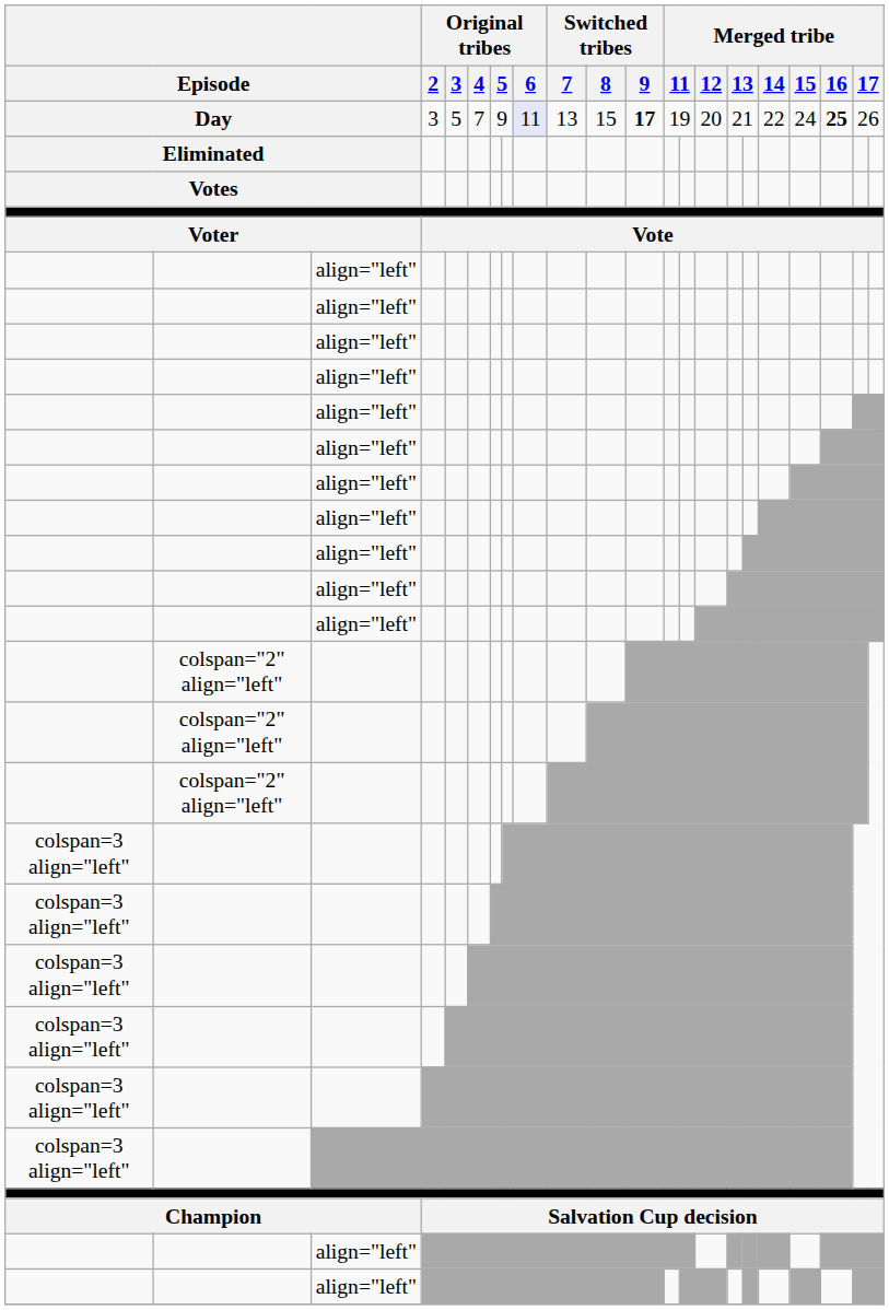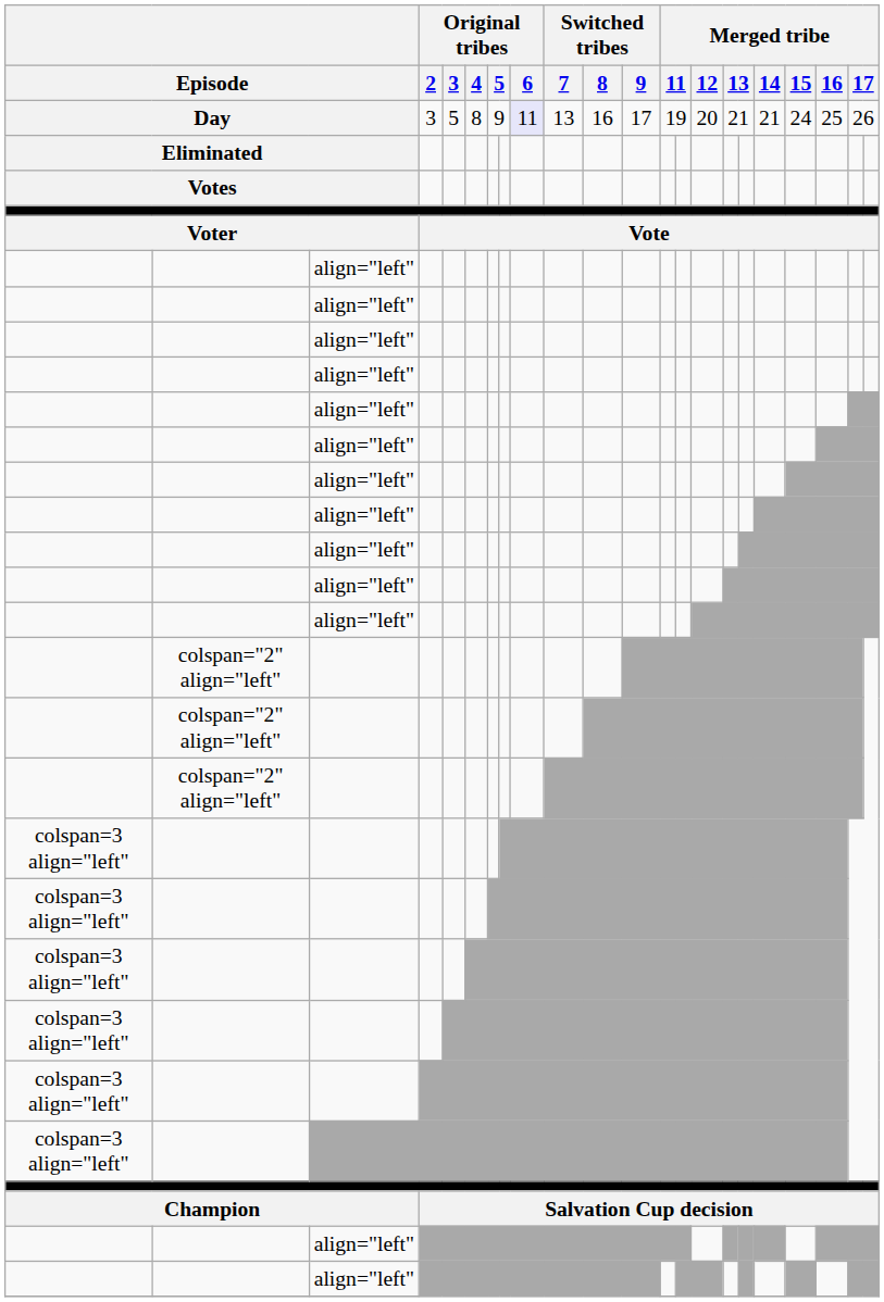 <table class="wikitable" style="text-align:center; font-size:95%; width:100%">
 <tr>
 <th colspan=3></th>
 <th colspan=6>Original tribes</th>
 <th colspan=3>Switched tribes</th>
 <th colspan=10>Merged tribe</th>
 </tr>
 <tr>
 <th colspan=3>Episode</th>
 <th><a href='#'>2</a></th>
 <th><a href='#'>3</a></th>
 <th><a href='#'>4</a></th>
 <th colspan="2"><a href='#'>5</a></th>
 <th><a href='#'>6</a></th>
 <th><a href='#'>7</a></th>
 <th><a href='#'>8</a></th>
 <th><a href='#'>9</a></th>
 <th colspan="2"><a href='#'>11</a></th>
 <th><a href='#'>12</a></th>
 <th colspan="2"><a href='#'>13</a></th>
 <th><a href='#'>14</a></th>
 <th><a href='#'>15</a></th>
 <th><a href='#'>16</a></th>
 <th colspan="2"><a href='#'>17</a></th>
 </tr>
 <tr>
 <th colspan=3>Day</th>
 <td>3</td>
 <td>5</td>
-<td>7</td>
+<td>8</td>
 <td colspan=2>9</td>
 <td style="background: lavender;">11</td>
 <td>13</td>
-<td>15</td>
-<td><strong>17</strong></td>
+<td>16</td>
+<td>17</td>
 <td colspan="2">19</td>
 <td>20</td>
 <td colspan="2">21</td>
-<td>22</td>
+<td>21</td>
 <td>24</td>
-<td><strong>25</strong></td>
+<td>25</td>
 <td colspan="2">26</td>
 </tr>
 <tr>
 <th colspan=3>Eliminated</th>
 <td></td>
 <td></td>
 <td></td>
 <td></td>
 <td></td>
 <td></td>
 <td></td>
 <td></td>
 <td></td>
 <td></td>
 <td></td>
 <td></td>
 <td></td>
 <td></td>
 <td></td>
 <td></td>
 <td></td>
 <td></td>
 <td></td>
 </tr>
 <tr>
 <th colspan=3>Votes</th>
 <td></td>
 <td></td>
 <td></td>
 <td></td>
 <td></td>
 <td></td>
 <td></td>
 <td></td>
 <td></td>
 <td></td>
 <td></td>
 <td></td>
 <td></td>
 <td></td>
 <td></td>
 <td></td>
 <td></td>
 <td></td>
 <td></td>
 </tr>
 <tr>
 <td colspan="22" bgcolor="black"></td>
 </tr>
 <tr>
 <th colspan=3>Voter</th>
 <th colspan='19' align="center">Vote</th>
 </tr>
 <tr>
 <td></td>
 <td></td>
 <td>align="left" </td>
 <td></td>
 <td></td>
 <td></td>
 <td></td>
 <td></td>
 <td></td>
 <td></td>
 <td></td>
 <td></td>
 <td></td>
 <td></td>
 <td></td>
 <td></td>
 <td></td>
 <td></td>
 <td></td>
 <td></td>
 <td></td>
 <td></td>
 </tr>
 <tr>
 <td></td>
 <td></td>
 <td>align="left" </td>
 <td></td>
 <td></td>
 <td></td>
 <td></td>
 <td></td>
 <td></td>
 <td></td>
 <td></td>
 <td></td>
 <td></td>
 <td></td>
 <td></td>
 <td></td>
 <td></td>
 <td></td>
 <td></td>
 <td></td>
 <td></td>
 <td></td>
 </tr>
 <tr>
 <td></td>
 <td></td>
 <td>align="left" </td>
 <td></td>
 <td></td>
 <td></td>
 <td></td>
 <td></td>
 <td></td>
 <td></td>
 <td></td>
 <td></td>
 <td></td>
 <td></td>
 <td></td>
 <td></td>
 <td></td>
 <td></td>
 <td></td>
 <td></td>
 <td></td>
 <td></td>
 </tr>
 <tr>
 <td></td>
 <td></td>
 <td>align="left" </td>
 <td></td>
 <td></td>
 <td></td>
 <td></td>
 <td></td>
 <td></td>
 <td></td>
 <td></td>
 <td></td>
 <td></td>
 <td></td>
 <td></td>
 <td></td>
 <td></td>
 <td></td>
 <td></td>
 <td></td>
 <td></td>
 <td></td>
 </tr>
 <tr>
 <td></td>
 <td></td>
 <td>align="left" </td>
 <td></td>
 <td></td>
 <td></td>
 <td></td>
 <td></td>
 <td></td>
 <td></td>
 <td></td>
 <td></td>
 <td></td>
 <td></td>
 <td></td>
 <td></td>
 <td></td>
 <td></td>
 <td></td>
 <td></td>
 <td colspan="2" bgcolor="darkgray"></td>
 </tr>
 <tr>
 <td></td>
 <td></td>
 <td>align="left" </td>
 <td></td>
 <td></td>
 <td></td>
 <td></td>
 <td></td>
 <td></td>
 <td></td>
 <td></td>
 <td></td>
 <td></td>
 <td></td>
 <td></td>
 <td></td>
 <td></td>
 <td></td>
 <td></td>
 <td colspan="3" bgcolor="darkgray"></td>
 </tr>
 <tr>
 <td></td>
 <td></td>
 <td>align="left" </td>
 <td></td>
 <td></td>
 <td></td>
 <td></td>
 <td></td>
 <td></td>
 <td></td>
 <td></td>
 <td></td>
 <td></td>
 <td></td>
 <td></td>
 <td></td>
 <td></td>
 <td></td>
 <td colspan="4" bgcolor="darkgray"></td>
 </tr>
 <tr>
 <td></td>
 <td></td>
 <td>align="left" </td>
 <td></td>
 <td></td>
 <td></td>
 <td></td>
 <td></td>
 <td></td>
 <td></td>
 <td></td>
 <td></td>
 <td></td>
 <td></td>
 <td></td>
 <td></td>
 <td></td>
 <td colspan="5" bgcolor="darkgray"></td>
 </tr>
 <tr>
 <td></td>
 <td></td>
 <td>align="left" </td>
 <td></td>
 <td></td>
 <td></td>
 <td></td>
 <td></td>
 <td></td>
 <td></td>
 <td></td>
 <td></td>
 <td></td>
 <td></td>
 <td></td>
 <td></td>
 <td colspan="6" bgcolor="darkgray"></td>
 </tr>
 <tr>
 <td></td>
 <td></td>
 <td>align="left" </td>
 <td></td>
 <td></td>
 <td></td>
 <td></td>
 <td></td>
 <td></td>
 <td></td>
 <td></td>
 <td></td>
 <td></td>
 <td></td>
 <td></td>
 <td colspan="7" bgcolor="darkgray"></td>
 </tr>
 <tr>
 <td></td>
 <td></td>
 <td>align="left" </td>
 <td></td>
 <td></td>
 <td></td>
 <td></td>
 <td></td>
 <td></td>
 <td></td>
 <td></td>
 <td></td>
 <td></td>
 <td></td>
 <td colspan="8" bgcolor="darkgray"></td>
 </tr>
 <tr>
 <td></td>
 <td>colspan="2" align="left" </td>
 <td></td>
 <td></td>
 <td></td>
 <td></td>
 <td></td>
 <td></td>
 <td></td>
 <td></td>
 <td></td>
 <td colspan="10" bgcolor="darkgray"></td>
 </tr>
 <tr>
 <td></td>
 <td>colspan="2" align="left" </td>
 <td></td>
 <td></td>
 <td></td>
 <td></td>
 <td></td>
 <td></td>
 <td></td>
 <td></td>
 <td colspan="11" bgcolor="darkgray"></td>
 </tr>
 <tr>
 <td></td>
 <td>colspan="2" align="left" </td>
 <td></td>
 <td></td>
 <td></td>
 <td></td>
 <td></td>
 <td></td>
 <td></td>
 <td colspan="12" bgcolor="darkgray"></td>
 </tr>
 <tr>
 <td>colspan=3 align="left" </td>
 <td></td>
 <td></td>
 <td></td>
 <td></td>
 <td></td>
 <td></td>
 <td colspan="13" bgcolor="darkgray"></td>
 </tr>
 <tr>
 <td>colspan=3 align="left" </td>
 <td></td>
 <td></td>
 <td></td>
 <td></td>
 <td></td>
 <td colspan="14" bgcolor="darkgray"></td>
 </tr>
 <tr>
 <td>colspan=3 align="left" </td>
 <td></td>
 <td></td>
 <td></td>
 <td></td>
 <td colspan="15" bgcolor="darkgray"></td>
 </tr>
 <tr>
 <td>colspan=3 align="left" </td>
 <td></td>
 <td></td>
 <td></td>
 <td colspan="16" bgcolor="darkgray"></td>
 </tr>
 <tr>
 <td>colspan=3 align="left" </td>
 <td></td>
 <td></td>
 <td colspan="17" bgcolor="darkgray"></td>
 </tr>
 <tr>
 <td>colspan=3 align="left" </td>
 <td></td>
 <td colspan="18" bgcolor="darkgray"></td>
 </tr>
 <tr>
 <td colspan="22" bgcolor="black"></td>
 </tr>
 <tr>
 <th colspan=3>Champion</th>
 <th colspan=19 align="center">Salvation Cup decision</th>
 </tr>
 <tr>
 <td></td>
 <td></td>
 <td>align="left" </td>
 <td colspan="11" bgcolor="darkgray"></td>
 <td></td>
 <td bgcolor="darkgray"></td>
 <td bgcolor="darkgray"></td>
 <td bgcolor="darkgray"></td>
 <td></td>
 <td colspan="3" bgcolor="darkgray"></td>
 </tr>
 <tr>
 <td></td>
 <td></td>
 <td>align="left" </td>
 <td colspan="9" bgcolor="darkgray"></td>
 <td></td>
 <td colspan="2" bgcolor="darkgray"></td>
 <td></td>
 <td bgcolor="darkgray"></td>
 <td></td>
 <td bgcolor="darkgray"></td>
 <td></td>
 <td colspan="2" bgcolor="darkgray"></td>
 </tr>
 <tr>
 </tr>
 </table>
